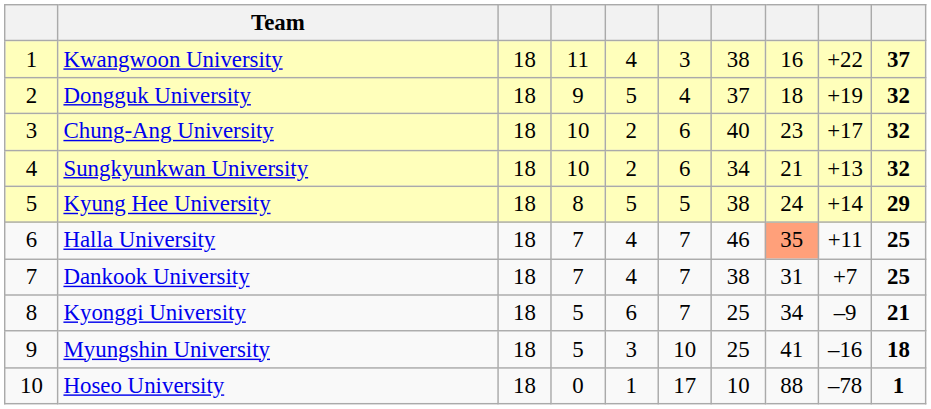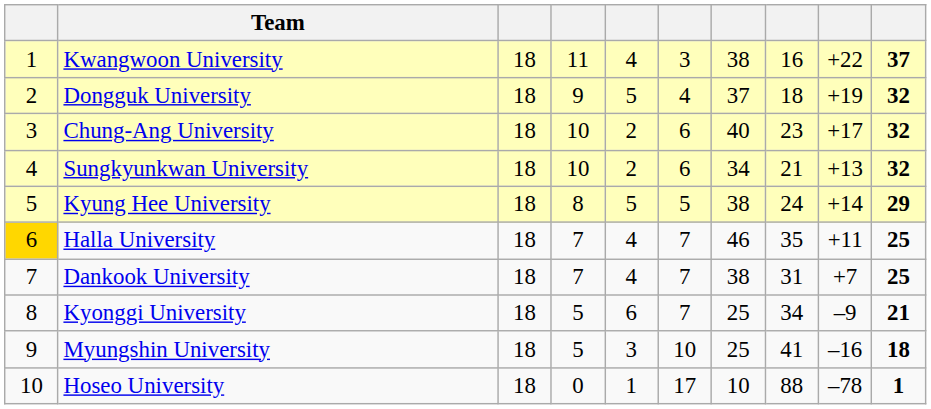 <table class="wikitable" style="text-align:center;">
 <tr>
 <th width=30></th>
 <th width=300>Team</th>
 <th width=30></th>
 <th width=30></th>
 <th width=30></th>
 <th width=30></th>
 <th width=30></th>
 <th width=30></th>
 <th width=30></th>
 <th width=30></th>
 </tr>
 <tr bgcolor=#ffffbb>
 <td>1</td>
 <td align=left><a href='#'>Kwangwoon University</a></td>
 <td>18</td>
 <td>11</td>
 <td>4</td>
 <td>3</td>
 <td>38</td>
 <td>16</td>
 <td>+22</td>
 <td><strong>37</strong></td>
 </tr>
 <tr bgcolor=#ffffbb>
 <td>2</td>
 <td align=left><a href='#'>Dongguk University</a></td>
 <td>18</td>
 <td>9</td>
 <td>5</td>
 <td>4</td>
 <td>37</td>
 <td>18</td>
 <td>+19</td>
 <td><strong>32</strong></td>
 </tr>
 <tr bgcolor=#ffffbb>
 <td>3</td>
 <td align=left><a href='#'>Chung-Ang University</a></td>
 <td>18</td>
 <td>10</td>
 <td>2</td>
 <td>6</td>
 <td>40</td>
 <td>23</td>
 <td>+17</td>
 <td><strong>32</strong></td>
 </tr>
 <tr bgcolor=#ffffbb>
 <td>4</td>
 <td align=left><a href='#'>Sungkyunkwan University</a></td>
 <td>18</td>
 <td>10</td>
 <td>2</td>
 <td>6</td>
 <td>34</td>
 <td>21</td>
 <td>+13</td>
 <td><strong>32</strong></td>
 </tr>
 <tr bgcolor=#ffffbb>
 <td>5</td>
 <td align=left><a href='#'>Kyung Hee University</a></td>
 <td>18</td>
 <td>8</td>
 <td>5</td>
 <td>5</td>
 <td>38</td>
 <td>24</td>
 <td>+14</td>
 <td><strong>29</strong></td>
 </tr>
 <tr>
-<td>6</td>
+<td style="background: gold;">6</td>
 <td align=left><a href='#'>Halla University</a></td>
 <td>18</td>
 <td>7</td>
 <td>4</td>
 <td>7</td>
 <td>46</td>
-<td style="background: lightsalmon;">35</td>
+<td>35</td>
 <td>+11</td>
 <td><strong>25</strong></td>
 </tr>
 <tr>
 <td>7</td>
 <td align=left><a href='#'>Dankook University</a></td>
 <td>18</td>
 <td>7</td>
 <td>4</td>
 <td>7</td>
 <td>38</td>
 <td>31</td>
 <td>+7</td>
 <td><strong>25</strong></td>
 </tr>
 <tr>
 <td>8</td>
 <td align=left><a href='#'>Kyonggi University</a></td>
 <td>18</td>
 <td>5</td>
 <td>6</td>
 <td>7</td>
 <td>25</td>
 <td>34</td>
 <td>–9</td>
 <td><strong>21</strong></td>
 </tr>
 <tr>
 <td>9</td>
 <td align=left><a href='#'>Myungshin University</a></td>
 <td>18</td>
 <td>5</td>
 <td>3</td>
 <td>10</td>
 <td>25</td>
 <td>41</td>
 <td>–16</td>
 <td><strong>18</strong></td>
 </tr>
 <tr>
 <td>10</td>
 <td align=left><a href='#'>Hoseo University</a></td>
 <td>18</td>
 <td>0</td>
 <td>1</td>
 <td>17</td>
 <td>10</td>
 <td>88</td>
 <td>–78</td>
 <td><strong>1</strong></td>
 </tr>
 </table>
